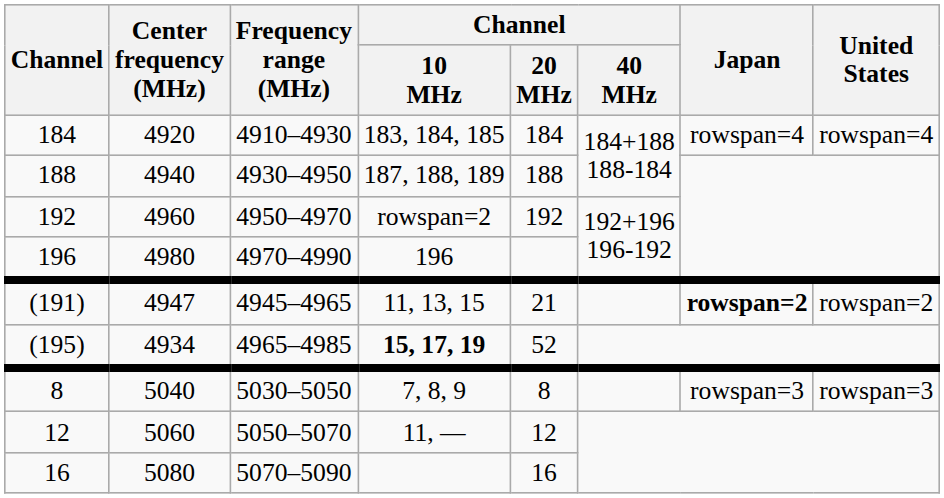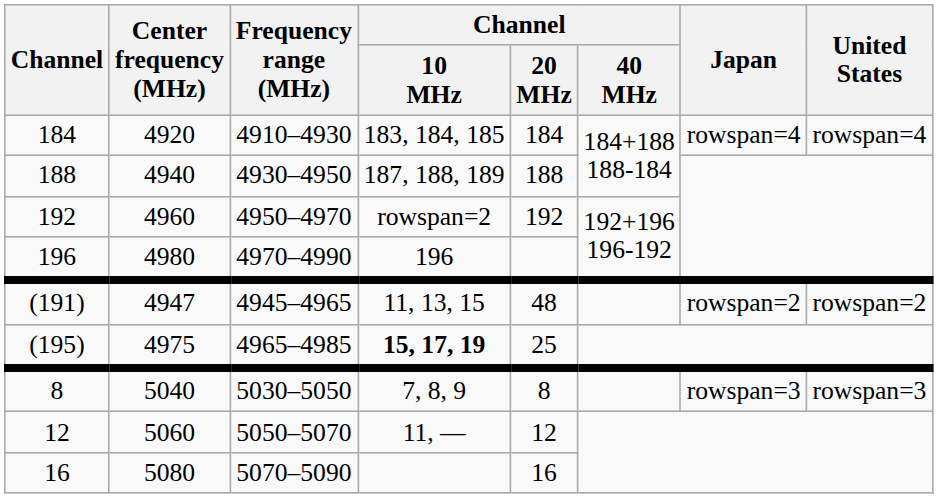 <table class="wikitable sortable sticky-header-multi" style="text-align: center;">
 <tr>
 <th rowspan=2>Channel</th>
 <th rowspan=2>Center<br>frequency<br>(MHz)</th>
 <th rowspan=2>Frequency<br>range<br>(MHz)</th>
 <th colspan=3>Channel</th>
 <th rowspan=2>Japan</th>
 <th rowspan=2>United<br>States</th>
 </tr>
 <tr>
 <th>10<br>MHz</th>
 <th>20<br>MHz</th>
 <th>40<br>MHz</th>
 </tr>
 <tr>
 <td>184</td>
 <td>4920</td>
 <td>4910–4930</td>
 <td>183, 184, 185</td>
 <td>184 </td>
 <td rowspan=2>184+188<br>188-184 </td>
 <td>rowspan=4 </td>
 <td>rowspan=4 </td>
 </tr>
 <tr>
 <td>188</td>
 <td>4940</td>
 <td>4930–4950</td>
 <td>187, 188, 189</td>
 <td>188 </td>
 </tr>
 <tr>
 <td>192</td>
 <td>4960</td>
 <td>4950–4970</td>
 <td>rowspan=2  </td>
 <td>192 </td>
 <td rowspan=2>192+196<br>196-192 </td>
 </tr>
 <tr>
 <td>196</td>
 <td>4980</td>
 <td>4970–4990</td>
 <td>196 </td>
 </tr>
 <tr style="border-top:5px solid;">
 <td style="border-top:5px solid;">(191)</td>
 <td style="border-top:5px solid;">4947</td>
 <td style="border-top:5px solid;">4945–4965</td>
 <td style="border-top:5px solid;">11, 13, 15 </td>
-<td style="border-top:5px solid;">21 </td>
+<td style="border-top:5px solid;">48 </td>
 <td> </td>
-<td><strong>rowspan=2  </strong></td>
+<td>rowspan=2  </td>
 <td>rowspan=2 </td>
 </tr>
 <tr>
 <td>(195)</td>
-<td>4934</td>
+<td>4975</td>
 <td>4965–4985</td>
 <td><strong>15, 17, 19 </strong></td>
-<td>52 </td>
+<td>25 </td>
 </tr>
 <tr style="border-top:5px solid;">
 <td style="border-top:5px solid;">8</td>
 <td style="border-top:5px solid;">5040</td>
 <td style="border-top:5px solid;">5030–5050</td>
 <td style="border-top:5px solid;">7, 8, 9</td>
 <td style="border-top:5px solid;">8 </td>
 <td> </td>
 <td>rowspan=3 </td>
 <td>rowspan=3 </td>
 </tr>
 <tr>
 <td>12</td>
 <td>5060</td>
 <td>5050–5070</td>
 <td>11, —</td>
 <td>12 </td>
 </tr>
 <tr>
 <td>16</td>
 <td>5080</td>
 <td>5070–5090</td>
 <td> </td>
 <td>16 </td>
 </tr>
 </table>
